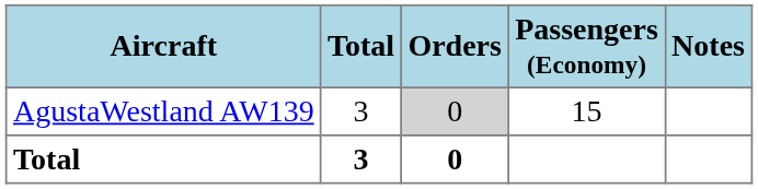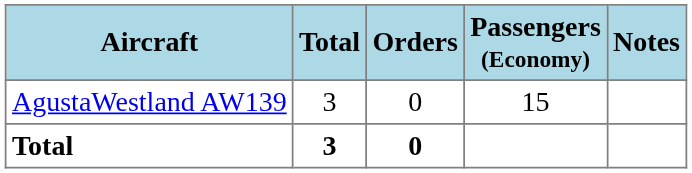 <table class="toccolours" border="1" cellpadding="3" style="margin: 1em auto; border-collapse:collapse;">
 <tr bgcolor=lightblue>
 <th>Aircraft</th>
 <th>Total</th>
 <th>Orders</th>
 <th>Passengers<br><small>(Economy)</small></th>
 <th>Notes</th>
 </tr>
 <tr>
 <td><a href='#'>AgustaWestland AW139</a></td>
 <td style="text-align: center;">3</td>
-<td style="background: lightgrey; text-align: center;">0</td>
+<td style="text-align: center;">0</td>
 <td style="text-align: center;">15</td>
 <td></td>
 </tr>
 <tr>
 <td><strong>Total</strong></td>
 <th>3</th>
 <th>0</th>
 <th></th>
 </tr>
 </table>
